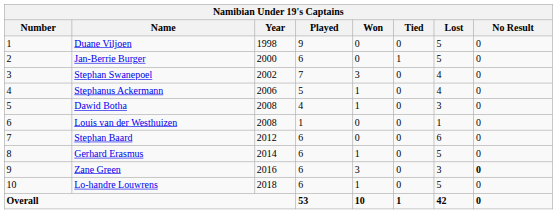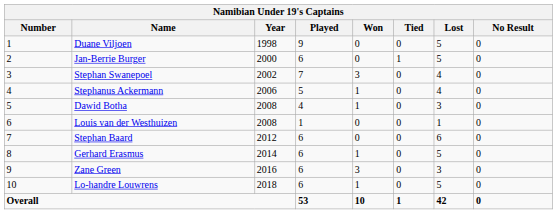 <table class="wikitable" width="70%">
 <tr>
 <th bgcolor="#efefef" colspan=9>Namibian Under 19's Captains</th>
 </tr>
 <tr bgcolor="#efefef">
 <th>Number</th>
 <th>Name</th>
 <th>Year</th>
 <th>Played</th>
 <th>Won</th>
 <th>Tied</th>
 <th>Lost</th>
 <th>No Result</th>
 </tr>
 <tr>
 <td>1</td>
 <td><a href='#'>Duane Viljoen</a></td>
 <td>1998</td>
 <td>9</td>
 <td>0</td>
 <td>0</td>
 <td>5</td>
 <td>0</td>
 </tr>
 <tr>
 <td>2</td>
 <td><a href='#'>Jan-Berrie Burger</a></td>
 <td>2000</td>
 <td>6</td>
 <td>0</td>
 <td>1</td>
 <td>5</td>
 <td>0</td>
 </tr>
 <tr>
 <td>3</td>
 <td><a href='#'>Stephan Swanepoel</a></td>
 <td>2002</td>
 <td>7</td>
 <td>3</td>
 <td>0</td>
 <td>4</td>
 <td>0</td>
 </tr>
 <tr>
 <td>4</td>
 <td><a href='#'>Stephanus Ackermann</a></td>
 <td>2006</td>
 <td>5</td>
 <td>1</td>
 <td>0</td>
 <td>4</td>
 <td>0</td>
 </tr>
 <tr>
 <td>5</td>
 <td><a href='#'>Dawid Botha</a></td>
 <td>2008</td>
 <td>4</td>
 <td>1</td>
 <td>0</td>
 <td>3</td>
 <td>0</td>
 </tr>
 <tr>
 <td>6</td>
 <td><a href='#'>Louis van der Westhuizen</a></td>
 <td>2008</td>
 <td>1</td>
 <td>0</td>
 <td>0</td>
 <td>1</td>
 <td>0</td>
 </tr>
 <tr>
 <td>7</td>
 <td><a href='#'>Stephan Baard</a></td>
 <td>2012</td>
 <td>6</td>
 <td>0</td>
 <td>0</td>
 <td>6</td>
 <td>0</td>
 </tr>
 <tr>
 <td>8</td>
 <td><a href='#'>Gerhard Erasmus</a></td>
 <td>2014</td>
 <td>6</td>
 <td>1</td>
 <td>0</td>
 <td>5</td>
 <td>0</td>
 </tr>
 <tr>
 <td>9</td>
 <td><a href='#'>Zane Green</a></td>
 <td>2016</td>
 <td>6</td>
 <td>3</td>
 <td>0</td>
 <td>3</td>
-<td><strong>0</strong></td>
+<td>0</td>
 </tr>
 <tr>
 <td>10</td>
 <td><a href='#'>Lo-handre Louwrens</a></td>
 <td>2018</td>
 <td>6</td>
 <td>1</td>
 <td>0</td>
 <td>5</td>
 <td>0</td>
 </tr>
 <tr>
 <td colspan="3"><strong>Overall</strong></td>
 <td><strong>53</strong></td>
 <td><strong>10</strong></td>
 <td><strong>1</strong></td>
 <td><strong>42</strong></td>
 <td><strong>0</strong></td>
 </tr>
 </table>
